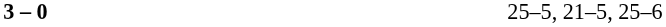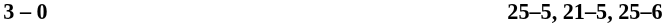 <table width=100% cellspacing=1>
 <tr>
 <th width=20%></th>
 <th width=12%></th>
 <th width=20%></th>
 <th width=33%></th>
 <td></td>
 </tr>
 <tr style=font-size:95%>
 <td align=right><strong></strong></td>
 <td align=center><strong>3 – 0</strong></td>
 <td></td>
-<td>25–5, 21–5, 25–6</td>
+<td><strong>25–5, 21–5, 25–6</strong></td>
 </tr>
 </table>
